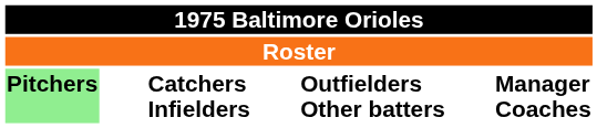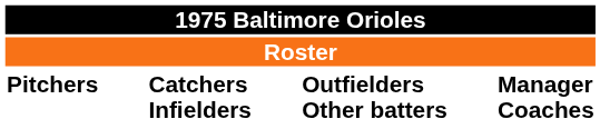 <table class="toccolours" style="font-size: 95%;">
 <tr>
 <th colspan="10" style="background-color: black; color: white; text-align: center;">1975 Baltimore Orioles</th>
 </tr>
 <tr>
 <td colspan="10" style="background-color: #F87217; color: white; text-align: center;"><strong>Roster</strong></td>
 </tr>
 <tr>
-<td valign="top" style="background: lightgreen;"><strong>Pitchers</strong><br>            </td>
+<td valign="top"><strong>Pitchers</strong><br>            </td>
 <td width="25px"></td>
 <td valign="top"><strong>Catchers</strong><br>    <strong>Infielders</strong>        </td>
 <td width="25px"></td>
 <td valign="top"><strong>Outfielders</strong><br>        <strong>Other batters</strong> </td>
 <td width="25px"></td>
 <td valign="top"><strong>Manager</strong><br> <strong>Coaches</strong>    </td>
 </tr>
 </table>
